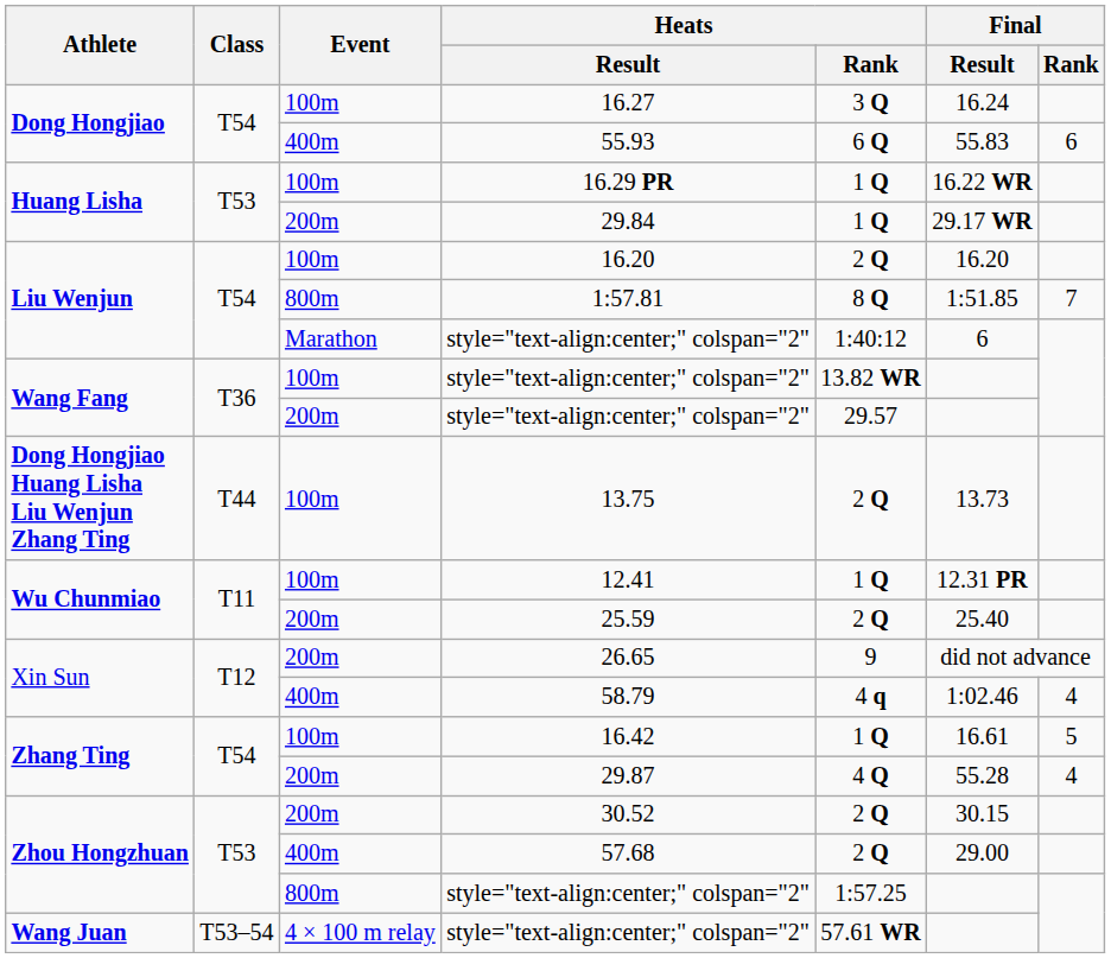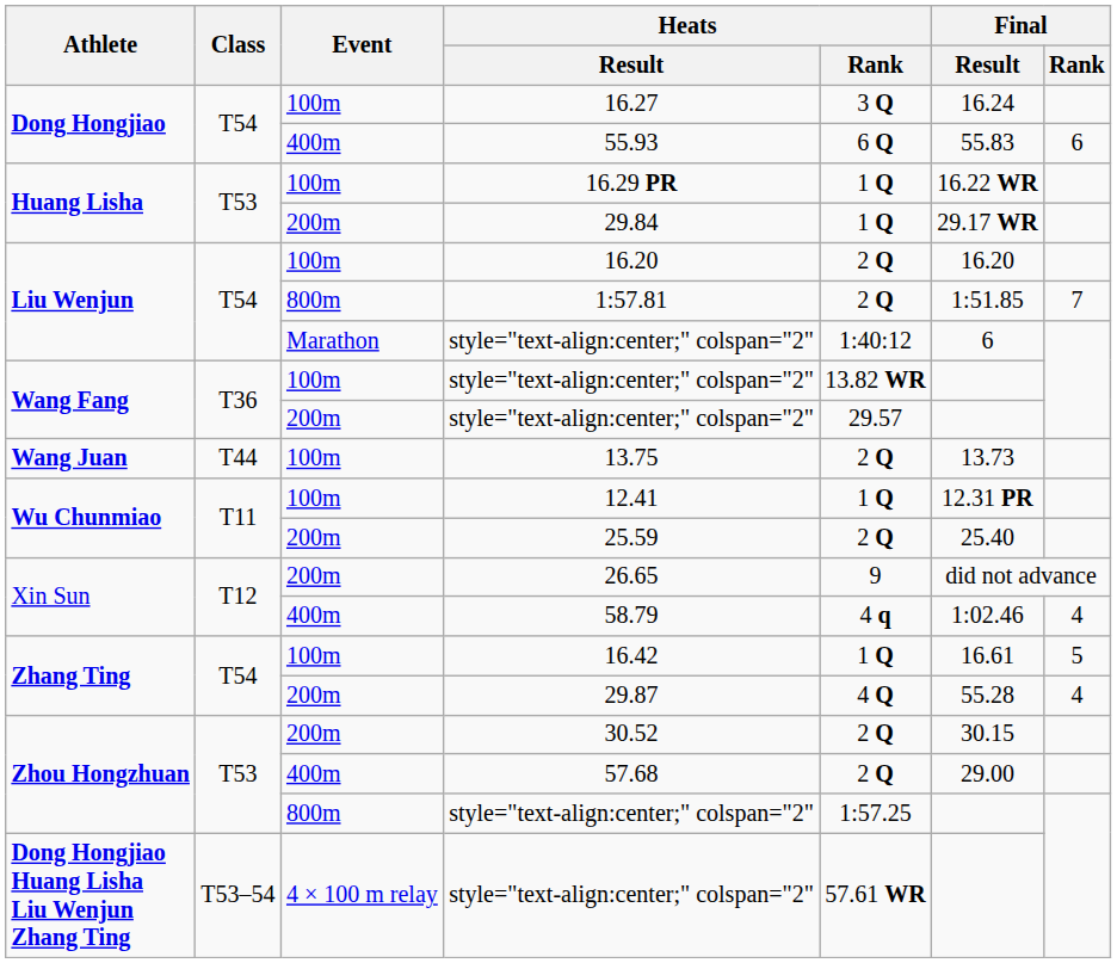 <table class=wikitable style="font-size:90%">
 <tr>
 <th rowspan="2">Athlete</th>
 <th rowspan="2">Class</th>
 <th rowspan="2">Event</th>
 <th colspan="2">Heats</th>
 <th colspan="2">Final</th>
 </tr>
 <tr>
 <th>Result</th>
 <th>Rank</th>
 <th>Result</th>
 <th>Rank</th>
 </tr>
 <tr>
 <td rowspan="2"><strong><a href='#'>Dong Hongjiao</a></strong></td>
 <td rowspan="2" style="text-align:center;">T54</td>
 <td><a href='#'>100m</a></td>
 <td style="text-align:center;">16.27</td>
 <td style="text-align:center;">3 <strong>Q</strong></td>
 <td style="text-align:center;">16.24</td>
 <td style="text-align:center;"></td>
 </tr>
 <tr>
 <td><a href='#'>400m</a></td>
 <td style="text-align:center;">55.93</td>
 <td style="text-align:center;">6 <strong>Q</strong></td>
 <td style="text-align:center;">55.83</td>
 <td style="text-align:center;">6</td>
 </tr>
 <tr>
 <td rowspan="2"><strong><a href='#'>Huang Lisha</a></strong></td>
 <td rowspan="2" style="text-align:center;">T53</td>
 <td><a href='#'>100m</a></td>
 <td style="text-align:center;">16.29 <strong>PR</strong></td>
 <td style="text-align:center;">1 <strong>Q</strong></td>
 <td style="text-align:center;">16.22 <strong>WR</strong></td>
 <td style="text-align:center;"></td>
 </tr>
 <tr>
 <td><a href='#'>200m</a></td>
 <td style="text-align:center;">29.84</td>
 <td style="text-align:center;">1 <strong>Q</strong></td>
 <td style="text-align:center;">29.17 <strong>WR</strong></td>
 <td style="text-align:center;"></td>
 </tr>
 <tr>
 <td rowspan="3"><strong><a href='#'>Liu Wenjun</a></strong></td>
 <td rowspan="3" style="text-align:center;">T54</td>
 <td><a href='#'>100m</a></td>
 <td style="text-align:center;">16.20</td>
 <td style="text-align:center;">2 <strong>Q</strong></td>
 <td style="text-align:center;">16.20</td>
 <td style="text-align:center;"></td>
 </tr>
 <tr>
 <td><a href='#'>800m</a></td>
 <td style="text-align:center;">1:57.81</td>
-<td style="text-align:center;">8 <strong>Q</strong></td>
+<td style="text-align:center;">2 <strong>Q</strong></td>
 <td style="text-align:center;">1:51.85</td>
 <td style="text-align:center;">7</td>
 </tr>
 <tr>
 <td><a href='#'>Marathon</a></td>
 <td>style="text-align:center;" colspan="2" </td>
 <td style="text-align:center;">1:40:12</td>
 <td style="text-align:center;">6</td>
 </tr>
 <tr>
 <td rowspan="2"><strong><a href='#'>Wang Fang</a></strong></td>
 <td rowspan="2" style="text-align:center;">T36</td>
 <td><a href='#'>100m</a></td>
 <td>style="text-align:center;" colspan="2" </td>
 <td style="text-align:center;">13.82 <strong>WR</strong></td>
 <td style="text-align:center;"></td>
 </tr>
 <tr>
 <td><a href='#'>200m</a></td>
 <td>style="text-align:center;" colspan="2" </td>
 <td style="text-align:center;">29.57</td>
 <td style="text-align:center;"></td>
 </tr>
 <tr>
-<td><strong><a href='#'>Dong Hongjiao</a></strong><br> <strong><a href='#'>Huang Lisha</a></strong><br> <strong><a href='#'>Liu Wenjun</a></strong><br> <strong><a href='#'>Zhang Ting</a></strong></td>
+<td><strong><a href='#'>Wang Juan</a></strong></td>
 <td style="text-align:center;">T44</td>
 <td><a href='#'>100m</a></td>
 <td style="text-align:center;">13.75</td>
 <td style="text-align:center;">2 <strong>Q</strong></td>
 <td style="text-align:center;">13.73</td>
 <td style="text-align:center;"></td>
 </tr>
 <tr>
 <td rowspan="2"><strong><a href='#'>Wu Chunmiao</a></strong></td>
 <td rowspan="2" style="text-align:center;">T11</td>
 <td><a href='#'>100m</a></td>
 <td style="text-align:center;">12.41</td>
 <td style="text-align:center;">1 <strong>Q</strong></td>
 <td style="text-align:center;">12.31 <strong>PR</strong></td>
 <td style="text-align:center;"></td>
 </tr>
 <tr>
 <td><a href='#'>200m</a></td>
 <td style="text-align:center;">25.59</td>
 <td style="text-align:center;">2 <strong>Q</strong></td>
 <td style="text-align:center;">25.40</td>
 <td style="text-align:center;"></td>
 </tr>
 <tr>
 <td rowspan="2"><a href='#'>Xin Sun</a></td>
 <td rowspan="2" style="text-align:center;">T12</td>
 <td><a href='#'>200m</a></td>
 <td style="text-align:center;">26.65</td>
 <td style="text-align:center;">9</td>
 <td style="text-align:center;" colspan="2">did not advance</td>
 </tr>
 <tr>
 <td><a href='#'>400m</a></td>
 <td style="text-align:center;">58.79</td>
 <td style="text-align:center;">4 <strong>q</strong></td>
 <td style="text-align:center;">1:02.46</td>
 <td style="text-align:center;">4</td>
 </tr>
 <tr>
 <td rowspan="2"><strong><a href='#'>Zhang Ting</a></strong></td>
 <td rowspan="2" style="text-align:center;">T54</td>
 <td><a href='#'>100m</a></td>
 <td style="text-align:center;">16.42</td>
 <td style="text-align:center;">1 <strong>Q</strong></td>
 <td style="text-align:center;">16.61</td>
 <td style="text-align:center;">5</td>
 </tr>
 <tr>
 <td><a href='#'>200m</a></td>
 <td style="text-align:center;">29.87</td>
 <td style="text-align:center;">4 <strong>Q</strong></td>
 <td style="text-align:center;">55.28</td>
 <td style="text-align:center;">4</td>
 </tr>
 <tr>
 <td rowspan="3"><strong><a href='#'>Zhou Hongzhuan</a></strong></td>
 <td rowspan="3" style="text-align:center;">T53</td>
 <td><a href='#'>200m</a></td>
 <td style="text-align:center;">30.52</td>
 <td style="text-align:center;">2 <strong>Q</strong></td>
 <td style="text-align:center;">30.15</td>
 <td style="text-align:center;"></td>
 </tr>
 <tr>
 <td><a href='#'>400m</a></td>
 <td style="text-align:center;">57.68</td>
 <td style="text-align:center;">2 <strong>Q</strong></td>
 <td style="text-align:center;">29.00</td>
 <td style="text-align:center;"></td>
 </tr>
 <tr>
 <td><a href='#'>800m</a></td>
 <td>style="text-align:center;" colspan="2" </td>
 <td style="text-align:center;">1:57.25</td>
 <td style="text-align:center;"></td>
 </tr>
 <tr>
-<td><strong><a href='#'>Wang Juan</a></strong></td>
+<td><strong><a href='#'>Dong Hongjiao</a></strong><br> <strong><a href='#'>Huang Lisha</a></strong><br> <strong><a href='#'>Liu Wenjun</a></strong><br> <strong><a href='#'>Zhang Ting</a></strong></td>
 <td style="text-align:center;">T53–54</td>
 <td><a href='#'>4 × 100 m relay</a></td>
 <td>style="text-align:center;" colspan="2" </td>
 <td style="text-align:center;">57.61 <strong>WR</strong></td>
 <td style="text-align:center;"></td>
 </tr>
 </table>
